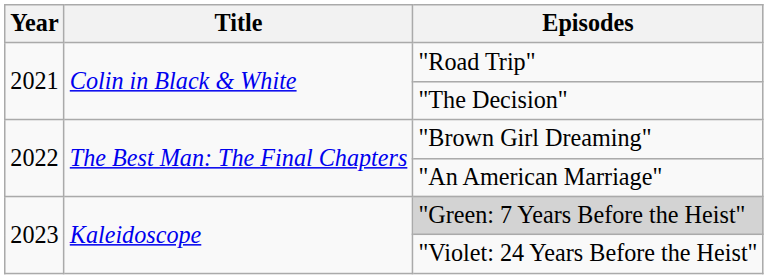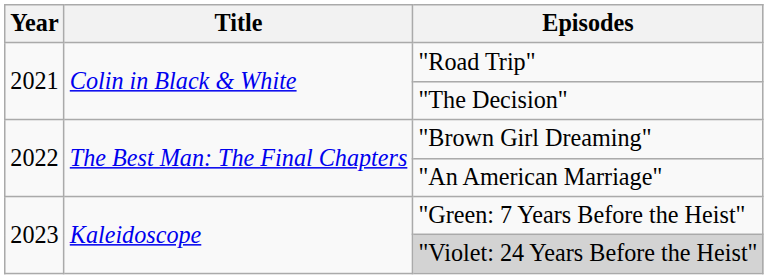 <table class="wikitable">
 <tr>
 <th>Year</th>
 <th>Title</th>
 <th>Episodes</th>
 </tr>
 <tr>
 <td rowspan=2>2021</td>
 <td rowspan=2><em><a href='#'>Colin in Black & White</a></em></td>
 <td>"Road Trip"</td>
 </tr>
 <tr>
 <td>"The Decision"</td>
 </tr>
 <tr>
 <td rowspan=2>2022</td>
 <td rowspan=2><em><a href='#'>The Best Man: The Final Chapters</a></em></td>
 <td>"Brown Girl Dreaming"</td>
 </tr>
 <tr>
 <td>"An American Marriage"</td>
 </tr>
 <tr>
 <td rowspan=2>2023</td>
 <td rowspan=2><em><a href='#'>Kaleidoscope</a></em></td>
-<td style="background: lightgrey;">"Green: 7 Years Before the Heist"</td>
+<td>"Green: 7 Years Before the Heist"</td>
 </tr>
 <tr>
-<td>"Violet: 24 Years Before the Heist"</td>
+<td style="background: lightgrey;">"Violet: 24 Years Before the Heist"</td>
 </tr>
 </table>
